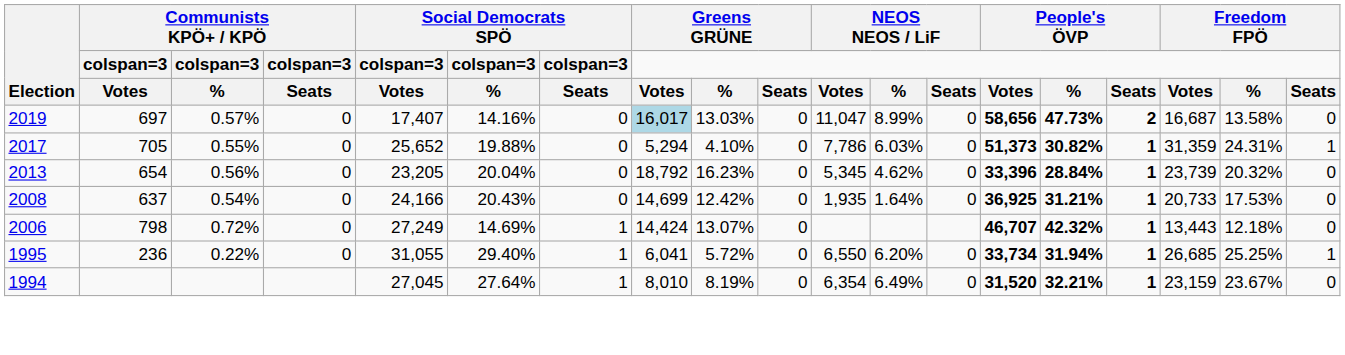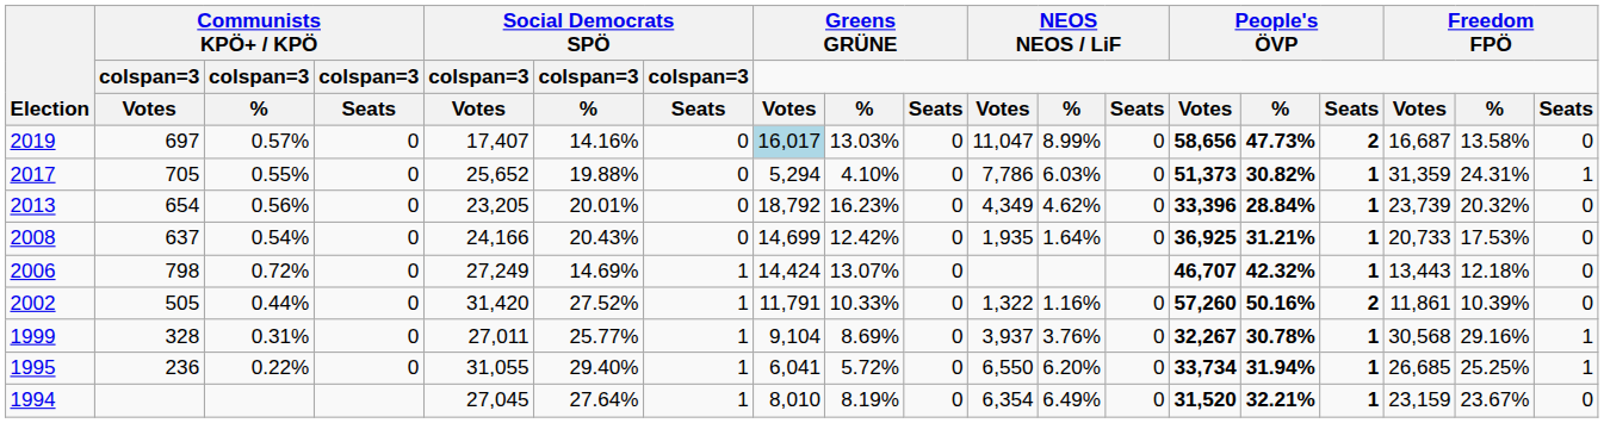 <table class="wikitable" border="1" style="font-size:100%; text-align:right;">
 <tr>
 <th style="text-align:left;" valign=bottom rowspan=3>Election</th>
 <th valign=bottom colspan=3><a href='#'>Communists</a><br>KPÖ+ / KPÖ</th>
 <th valign=bottom colspan=3><a href='#'>Social Democrats</a><br>SPÖ</th>
 <th valign=bottom colspan=3><a href='#'>Greens</a><br>GRÜNE</th>
 <th valign=bottom colspan=3><a href='#'>NEOS</a><br>NEOS / LiF</th>
 <th valign=bottom colspan=3><a href='#'>People's</a><br>ÖVP</th>
 <th valign=bottom colspan=3><a href='#'>Freedom</a><br>FPÖ</th>
 </tr>
 <tr>
 <th>colspan=3 </th>
 <th>colspan=3 </th>
 <th>colspan=3 </th>
 <th>colspan=3 </th>
 <th>colspan=3 </th>
 <th>colspan=3 </th>
 </tr>
 <tr>
 <th>Votes</th>
 <th>%</th>
 <th>Seats</th>
 <th>Votes</th>
 <th>%</th>
 <th>Seats</th>
 <th>Votes</th>
 <th>%</th>
 <th>Seats</th>
 <th>Votes</th>
 <th>%</th>
 <th>Seats</th>
 <th>Votes</th>
 <th>%</th>
 <th>Seats</th>
 <th>Votes</th>
 <th>%</th>
 <th>Seats</th>
 </tr>
 <tr>
 <td align=left><a href='#'>2019</a></td>
 <td>697</td>
 <td>0.57%</td>
 <td>0</td>
 <td>17,407</td>
 <td>14.16%</td>
 <td>0</td>
 <td style="background: lightblue;">16,017</td>
 <td>13.03%</td>
 <td>0</td>
 <td>11,047</td>
 <td>8.99%</td>
 <td>0</td>
 <td><strong>58,656</strong></td>
 <td><strong>47.73%</strong></td>
 <td><strong>2</strong></td>
 <td>16,687</td>
 <td>13.58%</td>
 <td>0</td>
 </tr>
 <tr>
 <td align=left><a href='#'>2017</a></td>
 <td>705</td>
 <td>0.55%</td>
 <td>0</td>
 <td>25,652</td>
 <td>19.88%</td>
 <td>0</td>
 <td>5,294</td>
 <td>4.10%</td>
 <td>0</td>
 <td>7,786</td>
 <td>6.03%</td>
 <td>0</td>
 <td><strong>51,373</strong></td>
 <td><strong>30.82%</strong></td>
 <td><strong>1</strong></td>
 <td>31,359</td>
 <td>24.31%</td>
 <td>1</td>
 </tr>
 <tr>
 <td align=left><a href='#'>2013</a></td>
 <td>654</td>
 <td>0.56%</td>
 <td>0</td>
 <td>23,205</td>
-<td>20.04%</td>
+<td>20.01%</td>
 <td>0</td>
 <td>18,792</td>
 <td>16.23%</td>
 <td>0</td>
-<td>5,345</td>
+<td>4,349</td>
 <td>4.62%</td>
 <td>0</td>
 <td><strong>33,396</strong></td>
 <td><strong>28.84%</strong></td>
 <td><strong>1</strong></td>
 <td>23,739</td>
 <td>20.32%</td>
 <td>0</td>
 </tr>
 <tr>
 <td align=left><a href='#'>2008</a></td>
 <td>637</td>
 <td>0.54%</td>
 <td>0</td>
 <td>24,166</td>
 <td>20.43%</td>
 <td>0</td>
 <td>14,699</td>
 <td>12.42%</td>
 <td>0</td>
 <td>1,935</td>
 <td>1.64%</td>
 <td>0</td>
 <td><strong>36,925</strong></td>
 <td><strong>31.21%</strong></td>
 <td><strong>1</strong></td>
 <td>20,733</td>
 <td>17.53%</td>
 <td>0</td>
 </tr>
 <tr>
 <td align=left><a href='#'>2006</a></td>
 <td>798</td>
 <td>0.72%</td>
 <td>0</td>
 <td>27,249</td>
 <td>14.69%</td>
 <td>1</td>
 <td>14,424</td>
 <td>13.07%</td>
 <td>0</td>
 <td></td>
 <td></td>
 <td></td>
 <td><strong>46,707</strong></td>
 <td><strong>42.32%</strong></td>
 <td><strong>1</strong></td>
 <td>13,443</td>
 <td>12.18%</td>
 <td>0</td>
 </tr>
 <tr>
+<td align=left><a href='#'>2002</a></td>
+<td>505</td>
+<td>0.44%</td>
+<td>0</td>
+<td>31,420</td>
+<td>27.52%</td>
+<td>1</td>
+<td>11,791</td>
+<td>10.33%</td>
+<td>0</td>
+<td>1,322</td>
+<td>1.16%</td>
+<td>0</td>
+<td><strong>57,260</strong></td>
+<td><strong>50.16%</strong></td>
+<td><strong>2</strong></td>
+<td>11,861</td>
+<td>10.39%</td>
+<td>0</td>
+</tr>
+<tr>
+<td align=left><a href='#'>1999</a></td>
+<td>328</td>
+<td>0.31%</td>
+<td>0</td>
+<td>27,011</td>
+<td>25.77%</td>
+<td>1</td>
+<td>9,104</td>
+<td>8.69%</td>
+<td>0</td>
+<td>3,937</td>
+<td>3.76%</td>
+<td>0</td>
+<td><strong>32,267</strong></td>
+<td><strong>30.78%</strong></td>
+<td><strong>1</strong></td>
+<td>30,568</td>
+<td>29.16%</td>
+<td>1</td>
+</tr>
+<tr>
 <td align=left><a href='#'>1995</a></td>
 <td>236</td>
 <td>0.22%</td>
 <td>0</td>
 <td>31,055</td>
 <td>29.40%</td>
 <td>1</td>
 <td>6,041</td>
 <td>5.72%</td>
 <td>0</td>
 <td>6,550</td>
 <td>6.20%</td>
 <td>0</td>
 <td><strong>33,734</strong></td>
 <td><strong>31.94%</strong></td>
 <td><strong>1</strong></td>
 <td>26,685</td>
 <td>25.25%</td>
 <td>1</td>
 </tr>
 <tr>
 <td align=left><a href='#'>1994</a></td>
 <td></td>
 <td></td>
 <td></td>
 <td>27,045</td>
 <td>27.64%</td>
 <td>1</td>
 <td>8,010</td>
 <td>8.19%</td>
 <td>0</td>
 <td>6,354</td>
 <td>6.49%</td>
 <td>0</td>
 <td><strong>31,520</strong></td>
 <td><strong>32.21%</strong></td>
 <td><strong>1</strong></td>
 <td>23,159</td>
 <td>23.67%</td>
 <td>0</td>
 </tr>
 </table>
